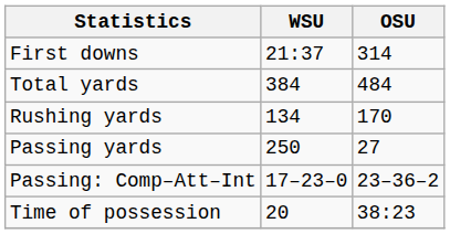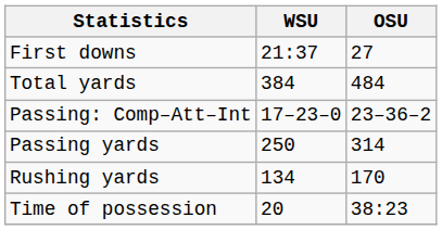 <table class="wikitable" style="float: left;">
 <tr>
 <th>Statistics</th>
 <th>WSU</th>
 <th>OSU</th>
 </tr>
 <tr>
 <td>First downs</td>
 <td>21:37</td>
-<td>314</td>
+<td>27</td>
 </tr>
 <tr>
 <td>Total yards</td>
 <td>384</td>
 <td>484</td>
 </tr>
 <tr>
-<td>Rushing yards</td>
-<td>134</td>
-<td>170</td>
+<td>Passing: Comp–Att–Int</td>
+<td>17–23–0</td>
+<td>23–36–2</td>
 </tr>
 <tr>
 <td>Passing yards</td>
 <td>250</td>
-<td>27</td>
+<td>314</td>
 </tr>
 <tr>
-<td>Passing: Comp–Att–Int</td>
-<td>17–23–0</td>
-<td>23–36–2</td>
+<td>Rushing yards</td>
+<td>134</td>
+<td>170</td>
 </tr>
 <tr>
 <td>Time of possession</td>
 <td>20</td>
 <td>38:23</td>
 </tr>
 <tr>
 </tr>
 </table>
